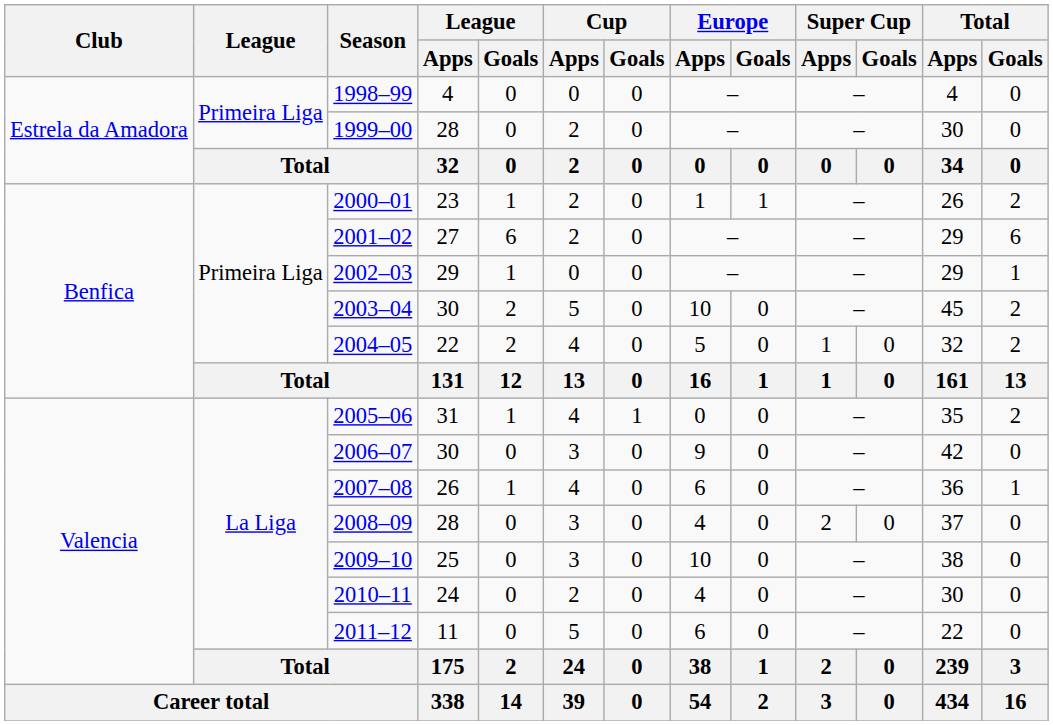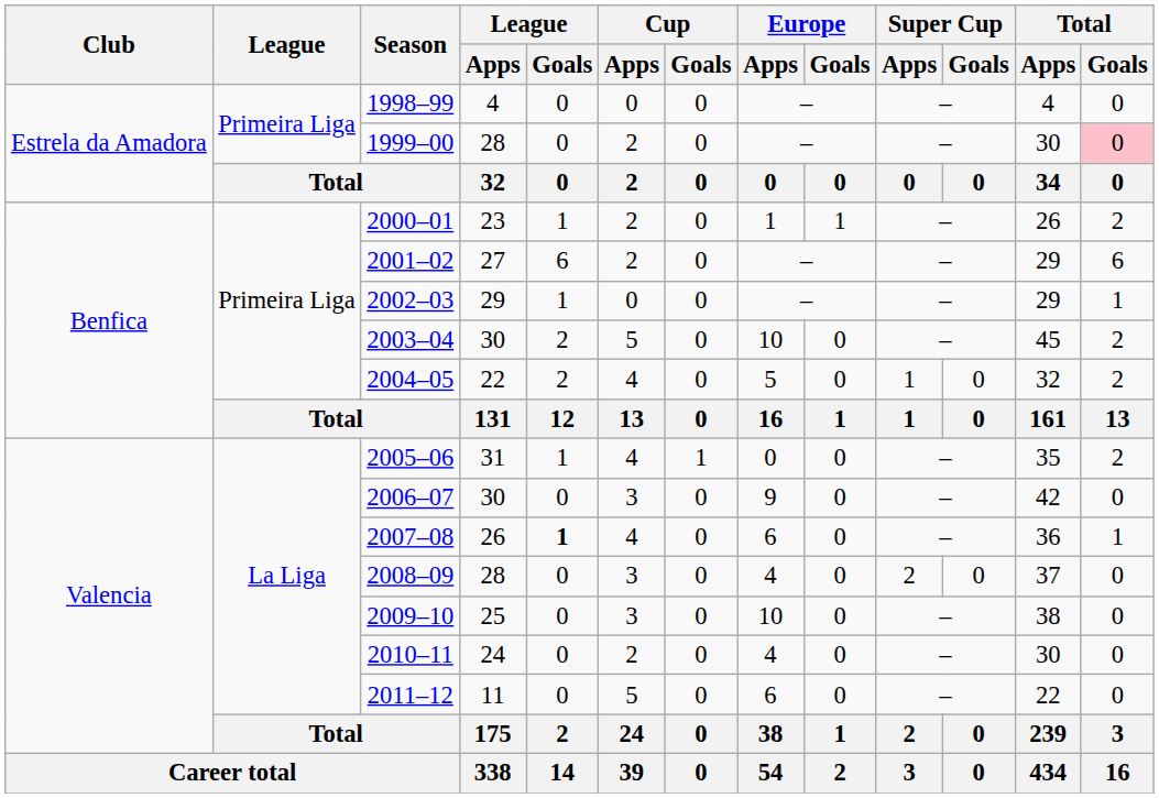 <table class="wikitable" style="text-align:center">
 <tr>
 <th rowspan="2">Club</th>
 <th rowspan="2">League</th>
 <th rowspan="2">Season</th>
 <th colspan="2">League</th>
 <th colspan="2">Cup</th>
 <th colspan="2"><a href='#'>Europe</a></th>
 <th colspan="2">Super Cup</th>
 <th colspan="2">Total</th>
 </tr>
 <tr>
 <th>Apps</th>
 <th>Goals</th>
 <th>Apps</th>
 <th>Goals</th>
 <th>Apps</th>
 <th>Goals</th>
 <th>Apps</th>
 <th>Goals</th>
 <th>Apps</th>
 <th>Goals</th>
 </tr>
 <tr>
 <td rowspan="3"><a href='#'>Estrela da Amadora</a></td>
 <td rowspan="2"><a href='#'>Primeira Liga</a></td>
 <td><a href='#'>1998–99</a></td>
 <td>4</td>
 <td>0</td>
 <td>0</td>
 <td>0</td>
 <td colspan="2">–</td>
 <td colspan="2">–</td>
 <td>4</td>
 <td>0</td>
 </tr>
 <tr>
 <td><a href='#'>1999–00</a></td>
 <td>28</td>
 <td>0</td>
 <td>2</td>
 <td>0</td>
 <td colspan="2">–</td>
 <td colspan="2">–</td>
 <td>30</td>
-<td>0</td>
+<td style="background: pink;">0</td>
 </tr>
 <tr>
 <th colspan="2">Total</th>
 <th>32</th>
 <th>0</th>
 <th>2</th>
 <th>0</th>
 <th>0</th>
 <th>0</th>
 <th>0</th>
 <th>0</th>
 <th>34</th>
 <th>0</th>
 </tr>
 <tr>
 <td rowspan="6"><a href='#'>Benfica</a></td>
 <td rowspan="5">Primeira Liga</td>
 <td><a href='#'>2000–01</a></td>
 <td>23</td>
 <td>1</td>
 <td>2</td>
 <td>0</td>
 <td>1</td>
 <td>1</td>
 <td colspan="2">–</td>
 <td>26</td>
 <td>2</td>
 </tr>
 <tr>
 <td><a href='#'>2001–02</a></td>
 <td>27</td>
 <td>6</td>
 <td>2</td>
 <td>0</td>
 <td colspan="2">–</td>
 <td colspan="2">–</td>
 <td>29</td>
 <td>6</td>
 </tr>
 <tr>
 <td><a href='#'>2002–03</a></td>
 <td>29</td>
 <td>1</td>
 <td>0</td>
 <td>0</td>
 <td colspan="2">–</td>
 <td colspan="2">–</td>
 <td>29</td>
 <td>1</td>
 </tr>
 <tr>
 <td><a href='#'>2003–04</a></td>
 <td>30</td>
 <td>2</td>
 <td>5</td>
 <td>0</td>
 <td>10</td>
 <td>0</td>
 <td colspan="2">–</td>
 <td>45</td>
 <td>2</td>
 </tr>
 <tr>
 <td><a href='#'>2004–05</a></td>
 <td>22</td>
 <td>2</td>
 <td>4</td>
 <td>0</td>
 <td>5</td>
 <td>0</td>
 <td>1</td>
 <td>0</td>
 <td>32</td>
 <td>2</td>
 </tr>
 <tr>
 <th colspan="2">Total</th>
 <th>131</th>
 <th>12</th>
 <th>13</th>
 <th>0</th>
 <th>16</th>
 <th>1</th>
 <th>1</th>
 <th>0</th>
 <th>161</th>
 <th>13</th>
 </tr>
 <tr>
 <td rowspan="8"><a href='#'>Valencia</a></td>
 <td rowspan="7"><a href='#'>La Liga</a></td>
 <td><a href='#'>2005–06</a></td>
 <td>31</td>
 <td>1</td>
 <td>4</td>
 <td>1</td>
 <td>0</td>
 <td>0</td>
 <td colspan="2">–</td>
 <td>35</td>
 <td>2</td>
 </tr>
 <tr>
 <td><a href='#'>2006–07</a></td>
 <td>30</td>
 <td>0</td>
 <td>3</td>
 <td>0</td>
 <td>9</td>
 <td>0</td>
 <td colspan="2">–</td>
 <td>42</td>
 <td>0</td>
 </tr>
 <tr>
 <td><a href='#'>2007–08</a></td>
 <td>26</td>
-<td>1</td>
+<td><strong>1</strong></td>
 <td>4</td>
 <td>0</td>
 <td>6</td>
 <td>0</td>
 <td colspan="2">–</td>
 <td>36</td>
 <td>1</td>
 </tr>
 <tr>
 <td><a href='#'>2008–09</a></td>
 <td>28</td>
 <td>0</td>
 <td>3</td>
 <td>0</td>
 <td>4</td>
 <td>0</td>
 <td>2</td>
 <td>0</td>
 <td>37</td>
 <td>0</td>
 </tr>
 <tr>
 <td><a href='#'>2009–10</a></td>
 <td>25</td>
 <td>0</td>
 <td>3</td>
 <td>0</td>
 <td>10</td>
 <td>0</td>
 <td colspan="2">–</td>
 <td>38</td>
 <td>0</td>
 </tr>
 <tr>
 <td><a href='#'>2010–11</a></td>
 <td>24</td>
 <td>0</td>
 <td>2</td>
 <td>0</td>
 <td>4</td>
 <td>0</td>
 <td colspan="2">–</td>
 <td>30</td>
 <td>0</td>
 </tr>
 <tr>
 <td><a href='#'>2011–12</a></td>
 <td>11</td>
 <td>0</td>
 <td>5</td>
 <td>0</td>
 <td>6</td>
 <td>0</td>
 <td colspan="2">–</td>
 <td>22</td>
 <td>0</td>
 </tr>
 <tr>
 <th colspan="2">Total</th>
 <th>175</th>
 <th>2</th>
 <th>24</th>
 <th>0</th>
 <th>38</th>
 <th>1</th>
 <th>2</th>
 <th>0</th>
 <th>239</th>
 <th>3</th>
 </tr>
 <tr>
 <th colspan="3">Career total</th>
 <th>338</th>
 <th>14</th>
 <th>39</th>
 <th>0</th>
 <th>54</th>
 <th>2</th>
 <th>3</th>
 <th>0</th>
 <th>434</th>
 <th>16</th>
 </tr>
 </table>
